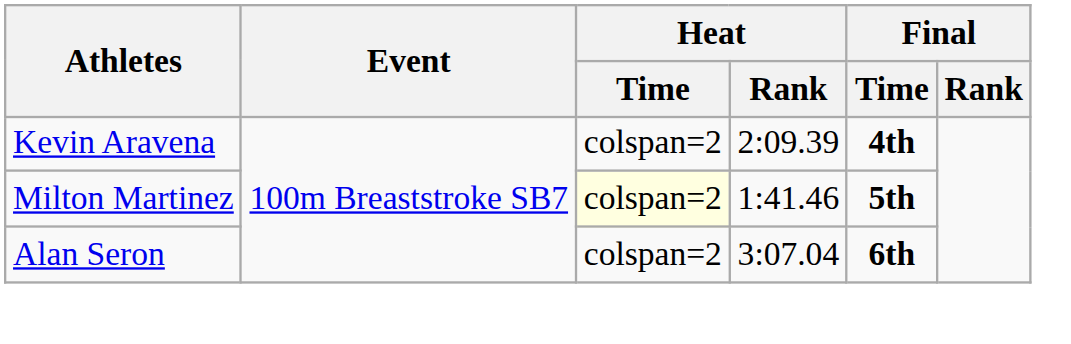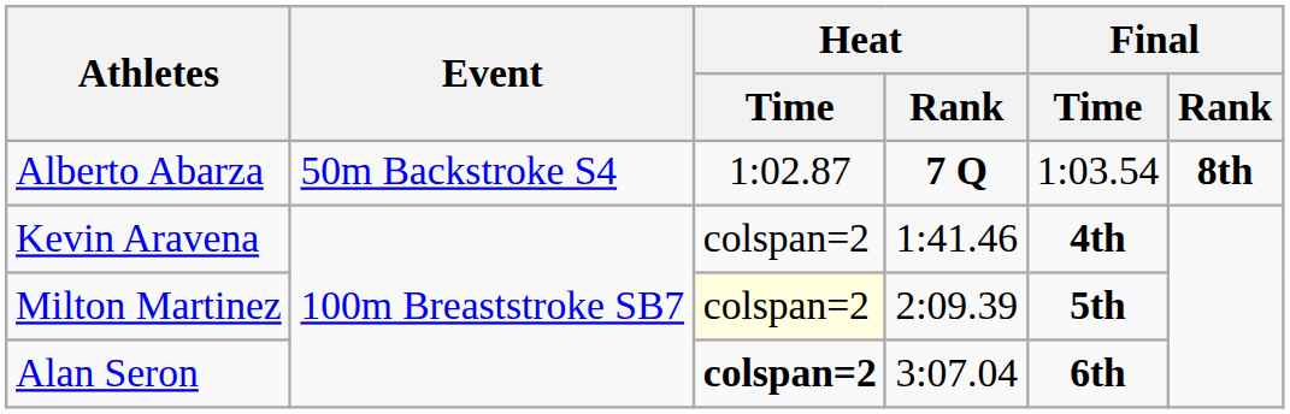 <table class="wikitable" border="1" style="font-size:90%">
 <tr>
 <th rowspan=2>Athletes</th>
 <th rowspan=2>Event</th>
 <th colspan=2>Heat</th>
 <th colspan=2>Final</th>
 </tr>
 <tr>
 <th>Time</th>
 <th>Rank</th>
 <th>Time</th>
 <th>Rank</th>
 </tr>
 <tr>
+<td><a href='#'>Alberto Abarza</a></td>
+<td><a href='#'>50m Backstroke S4</a></td>
+<td align=center>1:02.87</td>
+<td align=center><strong>7 Q</strong></td>
+<td align=center>1:03.54</td>
+<td align=center><strong>8th</strong></td>
+</tr>
+<tr>
 <td><a href='#'>Kevin Aravena</a></td>
 <td rowspan=3><a href='#'>100m Breaststroke SB7</a></td>
 <td>colspan=2 </td>
-<td align=center>2:09.39</td>
+<td align=center>1:41.46</td>
 <td align=center><strong>4th</strong></td>
 </tr>
 <tr>
 <td><a href='#'>Milton Martinez</a></td>
 <td style="background: lightyellow;">colspan=2 </td>
-<td align=center>1:41.46</td>
+<td align=center>2:09.39</td>
 <td align=center><strong>5th</strong></td>
 </tr>
 <tr>
 <td><a href='#'>Alan Seron</a></td>
-<td>colspan=2 </td>
+<td><strong>colspan=2 </strong></td>
 <td align=center>3:07.04</td>
 <td align=center><strong>6th</strong></td>
 </tr>
 </table>
